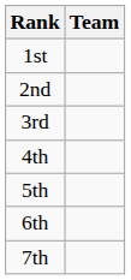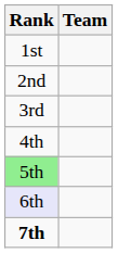 <table class="wikitable" align="center"|>
 <tr>
 <th>Rank</th>
 <th>Team</th>
 </tr>
 <tr align="center">
 <td>1st</td>
 <td align="left"></td>
 </tr>
 <tr align="center" color= "#FFFF99">
 <td>2nd</td>
 <td align="left"></td>
 </tr>
 <tr align="center" color="silver">
 <td>3rd</td>
 <td align="left"></td>
 </tr>
 <tr align="center" color= "bronze">
 <td>4th</td>
 <td align="left"></td>
 </tr>
 <tr align="center">
-<td>5th</td>
+<td style="background: lightgreen;">5th</td>
 <td align="left"></td>
 </tr>
 <tr align="center">
-<td>6th</td>
+<td style="background: lavender;">6th</td>
 <td align="left"></td>
 </tr>
 <tr align="center">
-<td>7th</td>
+<td><strong>7th</strong></td>
 <td align="left"></td>
 </tr>
 </table>
